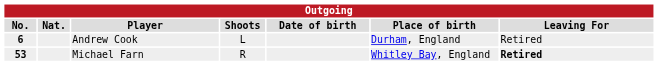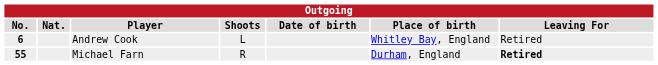 <table class="toccolours" style="width:97%; clear:both; margin:1.5em auto; text-align:center;">
 <tr>
 <th colspan="7" style="background:#bd1924; color:white;”">Outgoing</th>
 </tr>
 <tr style="background:#ddd;">
 <th width="5%">No.</th>
 <th width="5%">Nat.</th>
 <th>Player</th>
 <th width="7%">Shoots</th>
 <th width="16%">Date of birth</th>
 <th width="20%">Place of birth</th>
 <th width="24%">Leaving For</th>
 </tr>
 <tr style="background:#eee;">
 <td><strong>6</strong></td>
 <td></td>
 <td align=left>Andrew Cook</td>
 <td>L</td>
 <td align=left></td>
-<td align=left><a href='#'>Durham</a>, England</td>
+<td align=left><a href='#'>Whitley Bay</a>, England</td>
 <td align=left>Retired</td>
 </tr>
 <tr style="background:#eee;">
-<td><strong>53</strong></td>
+<td><strong>55</strong></td>
 <td></td>
 <td align=left>Michael Farn</td>
 <td>R</td>
 <td align=left></td>
-<td align=left><a href='#'>Whitley Bay</a>, England</td>
+<td align=left><a href='#'>Durham</a>, England</td>
 <td align=left><strong>Retired</strong></td>
 </tr>
 </table>
